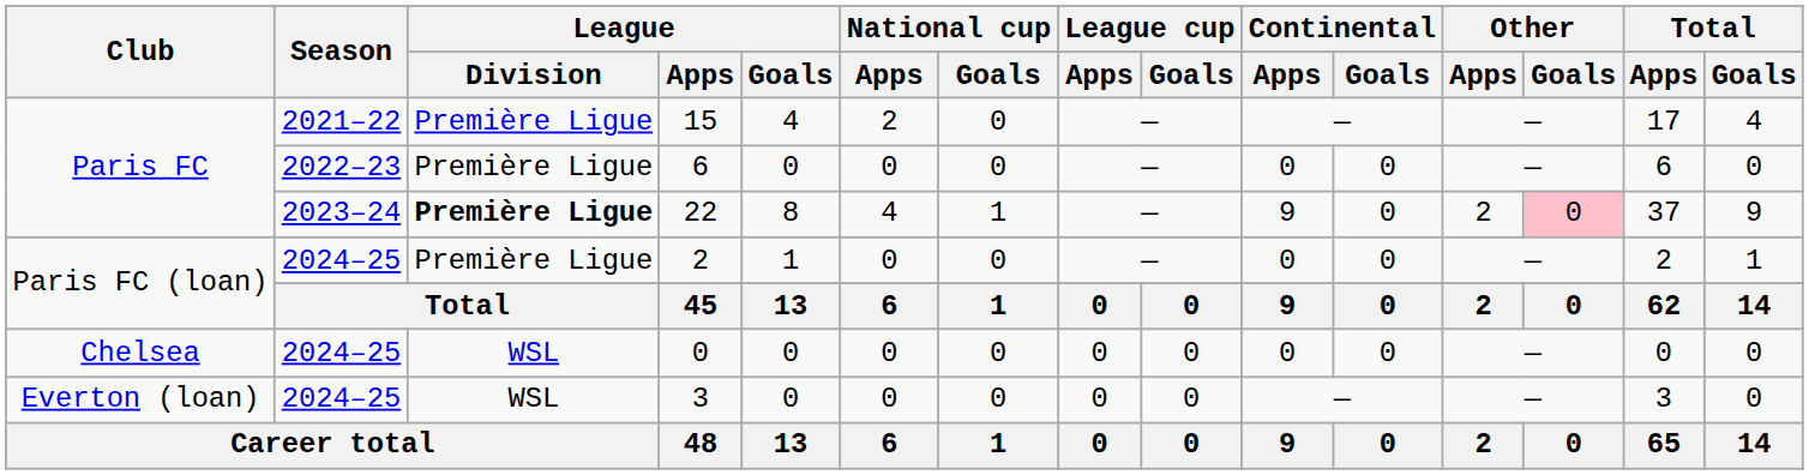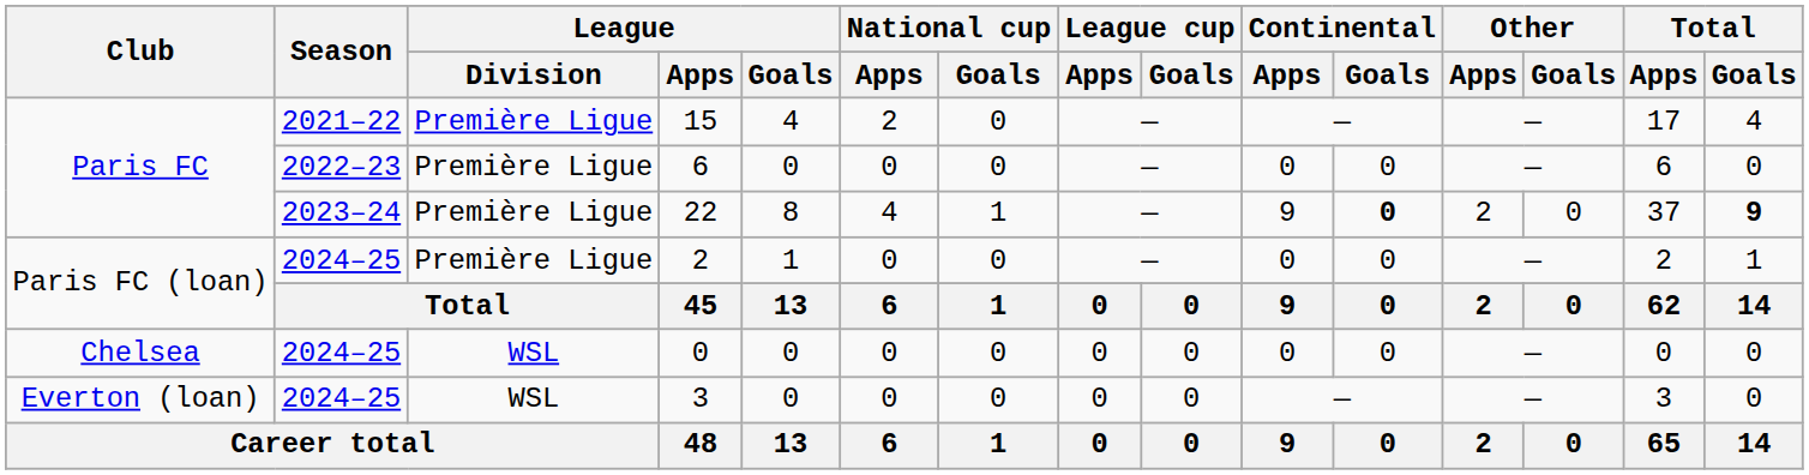 <table class="wikitable" style="text-align: center;">
 <tr>
 <th rowspan="2">Club</th>
 <th rowspan="2">Season</th>
 <th colspan="3">League</th>
 <th colspan="2">National cup</th>
 <th colspan="2">League cup</th>
 <th colspan="2">Continental</th>
 <th colspan="2">Other</th>
 <th colspan="2">Total</th>
 </tr>
 <tr>
 <th>Division</th>
 <th>Apps</th>
 <th>Goals</th>
 <th>Apps</th>
 <th>Goals</th>
 <th>Apps</th>
 <th>Goals</th>
 <th>Apps</th>
 <th>Goals</th>
 <th>Apps</th>
 <th>Goals</th>
 <th>Apps</th>
 <th>Goals</th>
 </tr>
 <tr>
 <td rowspan="3"><a href='#'>Paris FC</a></td>
 <td><a href='#'>2021–22</a></td>
 <td><a href='#'>Première Ligue</a></td>
 <td>15</td>
 <td>4</td>
 <td>2</td>
 <td>0</td>
 <td colspan="2">—</td>
 <td colspan="2">—</td>
 <td colspan="2">—</td>
 <td>17</td>
 <td>4</td>
 </tr>
 <tr>
 <td><a href='#'>2022–23</a></td>
 <td>Première Ligue</td>
 <td>6</td>
 <td>0</td>
 <td>0</td>
 <td>0</td>
 <td colspan="2">—</td>
 <td>0</td>
 <td>0</td>
 <td colspan="2">—</td>
 <td>6</td>
 <td>0</td>
 </tr>
 <tr>
 <td><a href='#'>2023–24</a></td>
-<td><strong>Première Ligue</strong></td>
+<td>Première Ligue</td>
 <td>22</td>
 <td>8</td>
 <td>4</td>
 <td>1</td>
 <td colspan="2">—</td>
 <td>9</td>
+<td><strong>0</strong></td>
+<td>2</td>
 <td>0</td>
-<td>2</td>
-<td style="background: pink;">0</td>
 <td>37</td>
-<td>9</td>
+<td><strong>9</strong></td>
 </tr>
 <tr>
 <td rowspan="2">Paris FC (loan)</td>
 <td><a href='#'>2024–25</a></td>
 <td>Première Ligue</td>
 <td>2</td>
 <td>1</td>
 <td>0</td>
 <td>0</td>
 <td colspan="2">—</td>
 <td>0</td>
 <td>0</td>
 <td colspan="2">—</td>
 <td>2</td>
 <td>1</td>
 </tr>
 <tr>
 <th colspan=2>Total</th>
 <th>45</th>
 <th>13</th>
 <th>6</th>
 <th>1</th>
 <th>0</th>
 <th>0</th>
 <th>9</th>
 <th>0</th>
 <th>2</th>
 <th>0</th>
 <th>62</th>
 <th>14</th>
 </tr>
 <tr>
 <td><a href='#'>Chelsea</a></td>
 <td><a href='#'>2024–25</a></td>
 <td><a href='#'>WSL</a></td>
 <td>0</td>
 <td>0</td>
 <td>0</td>
 <td>0</td>
 <td>0</td>
 <td>0</td>
 <td>0</td>
 <td>0</td>
 <td colspan="2">—</td>
 <td>0</td>
 <td>0</td>
 </tr>
 <tr>
 <td><a href='#'>Everton</a> (loan)</td>
 <td><a href='#'>2024–25</a></td>
 <td>WSL</td>
 <td>3</td>
 <td>0</td>
 <td>0</td>
 <td>0</td>
 <td>0</td>
 <td>0</td>
 <td colspan="2">—</td>
 <td colspan="2">—</td>
 <td>3</td>
 <td>0</td>
 </tr>
 <tr>
 <th colspan=3>Career total</th>
 <th>48</th>
 <th>13</th>
 <th>6</th>
 <th>1</th>
 <th>0</th>
 <th>0</th>
 <th>9</th>
 <th>0</th>
 <th>2</th>
 <th>0</th>
 <th>65</th>
 <th>14</th>
 </tr>
 </table>
